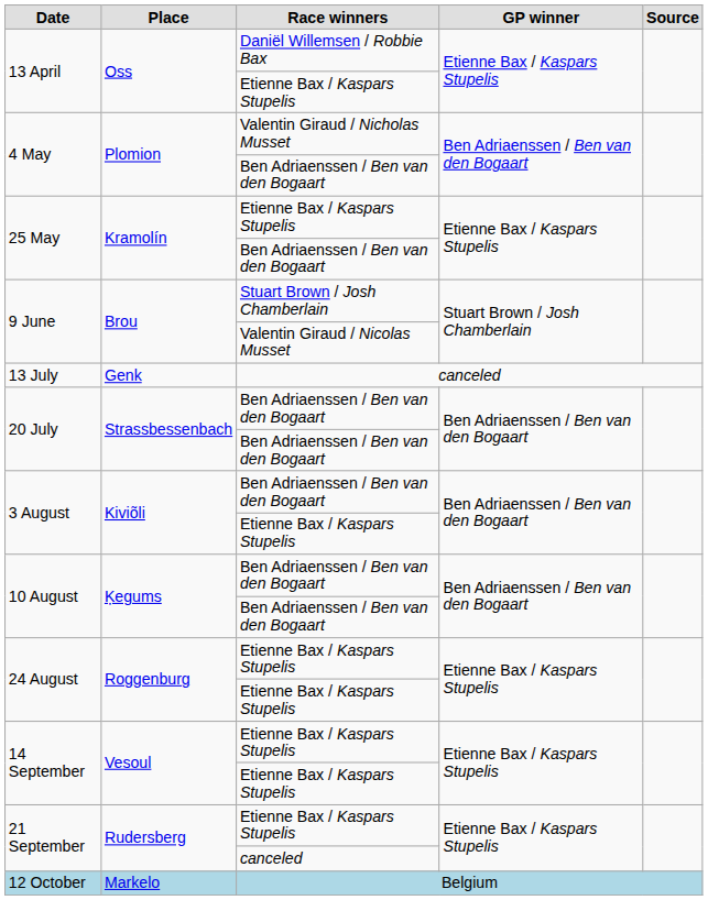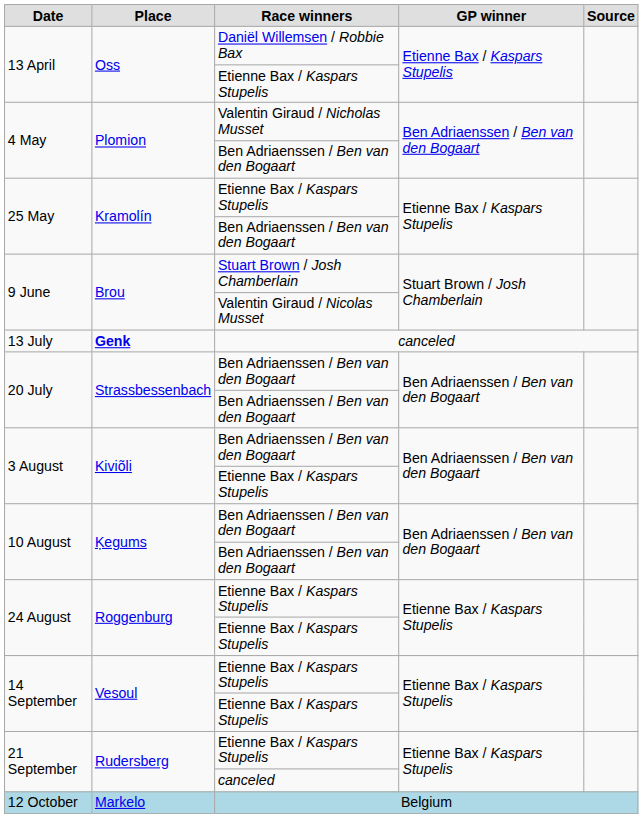 <table class="wikitable" style="font-size: 85%;">
 <tr align="center" style="background:#dfdfdf;">
 <td><strong>Date</strong></td>
 <td><strong>Place</strong></td>
 <td><strong>Race winners</strong></td>
 <td><strong>GP winner</strong></td>
 <td><strong>Source</strong></td>
 </tr>
 <tr>
 <td rowspan=2>13 April</td>
 <td rowspan=2> <a href='#'>Oss</a></td>
 <td> <a href='#'>Daniël Willemsen</a> / <em>Robbie Bax</em></td>
 <td rowspan=2> <a href='#'>Etienne Bax</a> / <em><a href='#'>Kaspars Stupelis</a></em></td>
 <td rowspan=2></td>
 </tr>
 <tr>
 <td> Etienne Bax / <em>Kaspars Stupelis</em></td>
 </tr>
 <tr>
 <td rowspan=2>4 May</td>
 <td rowspan=2> <a href='#'>Plomion</a></td>
 <td> Valentin Giraud / <em>Nicholas Musset</em></td>
 <td rowspan=2> <a href='#'>Ben Adriaenssen</a> / <em><a href='#'>Ben van den Bogaart</a></em></td>
 <td rowspan=2></td>
 </tr>
 <tr>
 <td> Ben Adriaenssen / <em>Ben van den Bogaart</em></td>
 </tr>
 <tr>
 <td rowspan=2>25 May</td>
 <td rowspan=2> <a href='#'>Kramolín</a></td>
 <td> Etienne Bax / <em>Kaspars Stupelis</em></td>
 <td rowspan=2> Etienne Bax / <em>Kaspars Stupelis</em></td>
 <td rowspan=2></td>
 </tr>
 <tr>
 <td> Ben Adriaenssen / <em>Ben van den Bogaart</em></td>
 </tr>
 <tr>
 <td rowspan=2>9 June</td>
 <td rowspan=2> <a href='#'>Brou</a></td>
 <td> <a href='#'>Stuart Brown</a> / <em>Josh Chamberlain</em></td>
 <td rowspan=2> Stuart Brown / <em>Josh Chamberlain</em></td>
 <td rowspan=2></td>
 </tr>
 <tr>
 <td> Valentin Giraud / <em>Nicolas Musset</em></td>
 </tr>
 <tr>
 <td>13 July</td>
-<td> <a href='#'>Genk</a></td>
+<td><strong> <a href='#'>Genk</a></strong></td>
 <td align="center" colspan=3><em>canceled</em></td>
 </tr>
 <tr>
 <td rowspan=2>20 July</td>
 <td rowspan=2> <a href='#'>Strassbessenbach</a></td>
 <td> Ben Adriaenssen / <em>Ben van den Bogaart</em></td>
 <td rowspan=2> Ben Adriaenssen / <em>Ben van den Bogaart</em></td>
 <td rowspan=2></td>
 </tr>
 <tr>
 <td> Ben Adriaenssen / <em>Ben van den Bogaart</em></td>
 </tr>
 <tr>
 <td rowspan=2>3 August</td>
 <td rowspan=2> <a href='#'>Kiviõli</a></td>
 <td> Ben Adriaenssen / <em>Ben van den Bogaart</em></td>
 <td rowspan=2> Ben Adriaenssen / <em>Ben van den Bogaart</em></td>
 <td rowspan=2></td>
 </tr>
 <tr>
 <td> Etienne Bax / <em>Kaspars Stupelis</em></td>
 </tr>
 <tr>
 <td rowspan=2>10 August</td>
 <td rowspan=2> <a href='#'>Ķegums</a></td>
 <td> Ben Adriaenssen / <em>Ben van den Bogaart</em></td>
 <td rowspan=2> Ben Adriaenssen / <em>Ben van den Bogaart</em></td>
 <td rowspan=2></td>
 </tr>
 <tr>
 <td> Ben Adriaenssen / <em>Ben van den Bogaart</em></td>
 </tr>
 <tr>
 <td rowspan=2>24 August</td>
 <td rowspan=2> <a href='#'>Roggenburg</a></td>
 <td> Etienne Bax / <em>Kaspars Stupelis</em></td>
 <td rowspan=2> Etienne Bax / <em>Kaspars Stupelis</em></td>
 <td rowspan=2></td>
 </tr>
 <tr>
 <td> Etienne Bax / <em>Kaspars Stupelis</em></td>
 </tr>
 <tr>
 <td rowspan=2>14 September</td>
 <td rowspan=2> <a href='#'>Vesoul</a></td>
 <td> Etienne Bax / <em>Kaspars Stupelis</em></td>
 <td rowspan=2> Etienne Bax / <em>Kaspars Stupelis</em></td>
 <td rowspan=2></td>
 </tr>
 <tr>
 <td> Etienne Bax / <em>Kaspars Stupelis</em></td>
 </tr>
 <tr>
 <td rowspan=2>21 September</td>
 <td rowspan=2> <a href='#'>Rudersberg</a></td>
 <td> Etienne Bax / <em>Kaspars Stupelis</em></td>
 <td rowspan=2> Etienne Bax / <em>Kaspars Stupelis</em></td>
 <td rowspan=2></td>
 </tr>
 <tr>
 <td><em>canceled</em></td>
 </tr>
 <tr style="background:lightblue;">
 <td rowspan=2>12 October</td>
 <td rowspan=2> <a href='#'>Markelo</a></td>
 <td colspan=3 align="center"> Belgium</td>
 </tr>
 </table>
